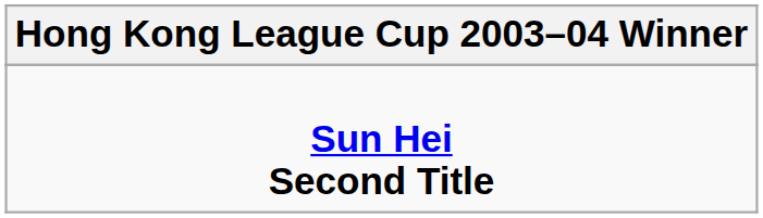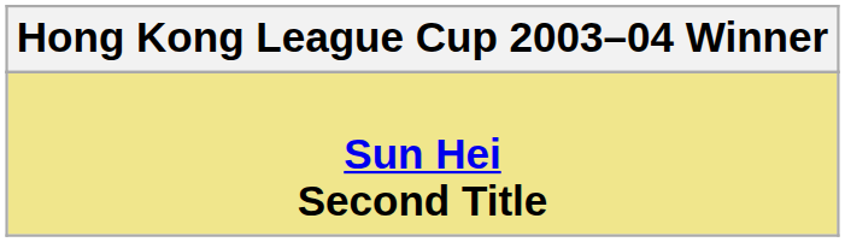 <table class="wikitable" style="text-align: center; margin: 0 auto;">
 <tr>
 <th>Hong Kong League Cup 2003–04 Winner</th>
 </tr>
 <tr>
 </tr>
 <tr>
-<td><br><strong><a href='#'>Sun Hei</a></strong><br><strong>Second Title</strong></td>
+<td style="background: khaki;"><br><strong><a href='#'>Sun Hei</a></strong><br><strong>Second Title</strong></td>
 </tr>
 </table>
